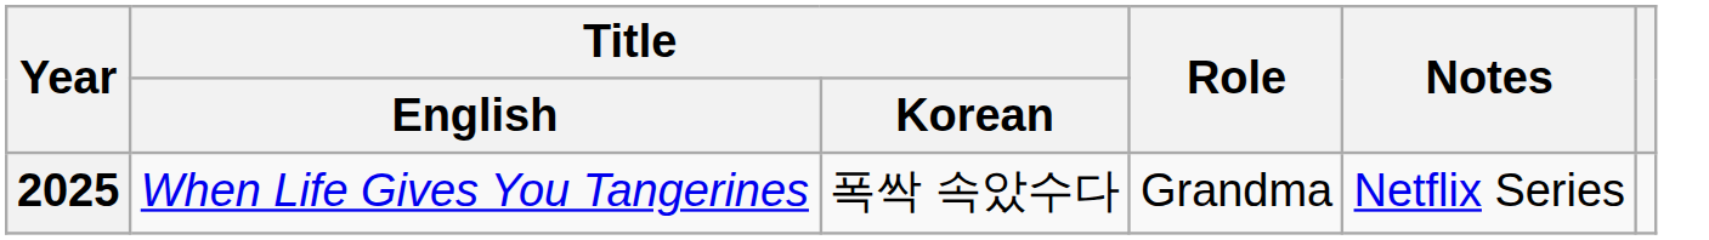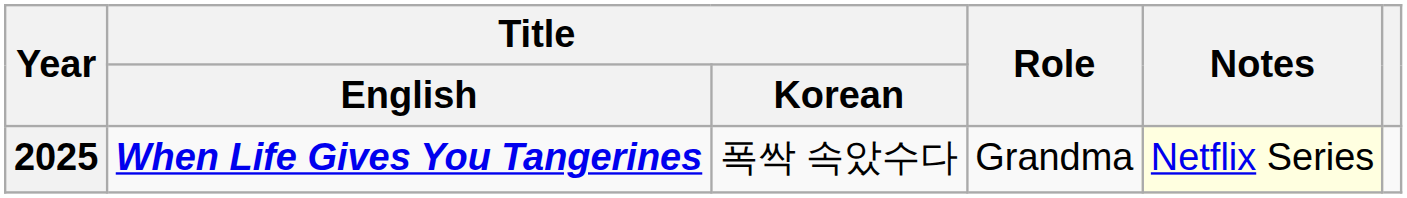 <table class="wikitable plainrowheaders">
 <tr>
 <th rowspan="2">Year</th>
 <th colspan="2">Title</th>
 <th rowspan="2">Role</th>
 <th rowspan="2">Notes</th>
 <th rowspan="2"></th>
 </tr>
 <tr>
 <th>English</th>
 <th>Korean</th>
 </tr>
 <tr>
 <th scope="row">2025</th>
-<td><em><a href='#'>When Life Gives You Tangerines</a></em></td>
+<td><strong><em><a href='#'>When Life Gives You Tangerines</a></em></strong></td>
 <td>폭싹 속았수다</td>
 <td>Grandma</td>
-<td><a href='#'>Netflix</a> Series</td>
+<td style="background: lightyellow;"><a href='#'>Netflix</a> Series</td>
 <td></td>
 </tr>
 </table>
